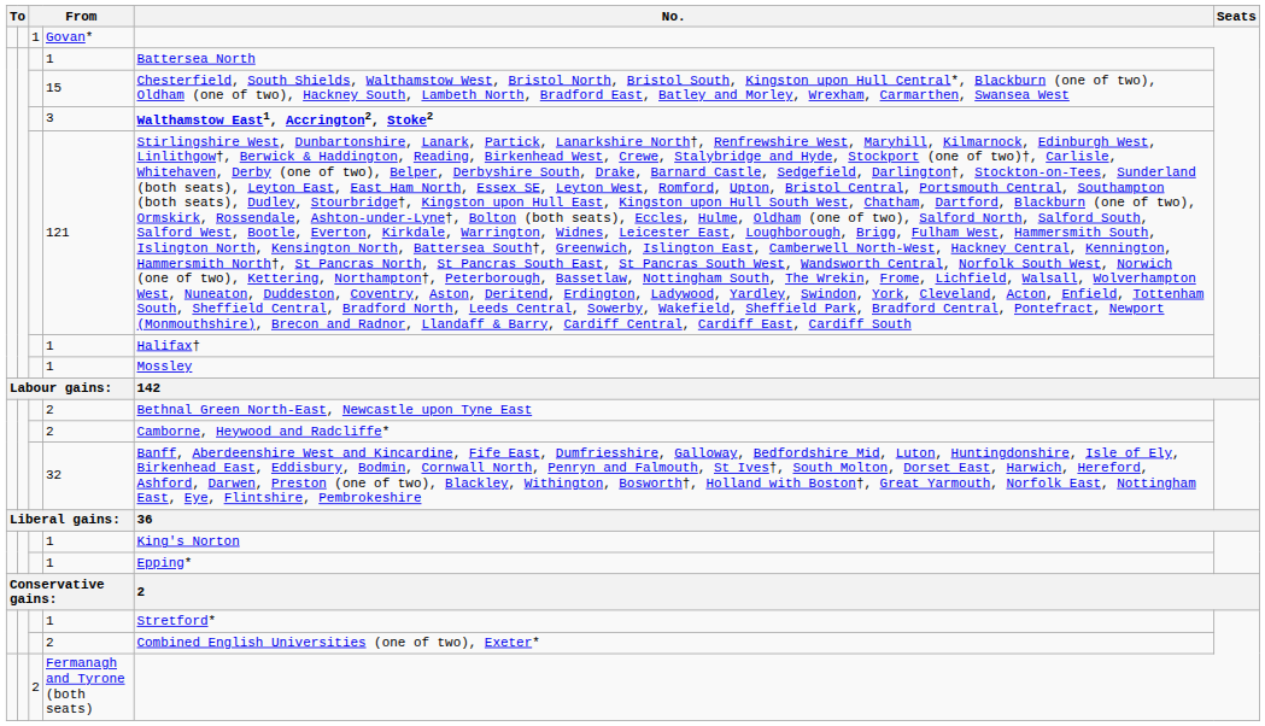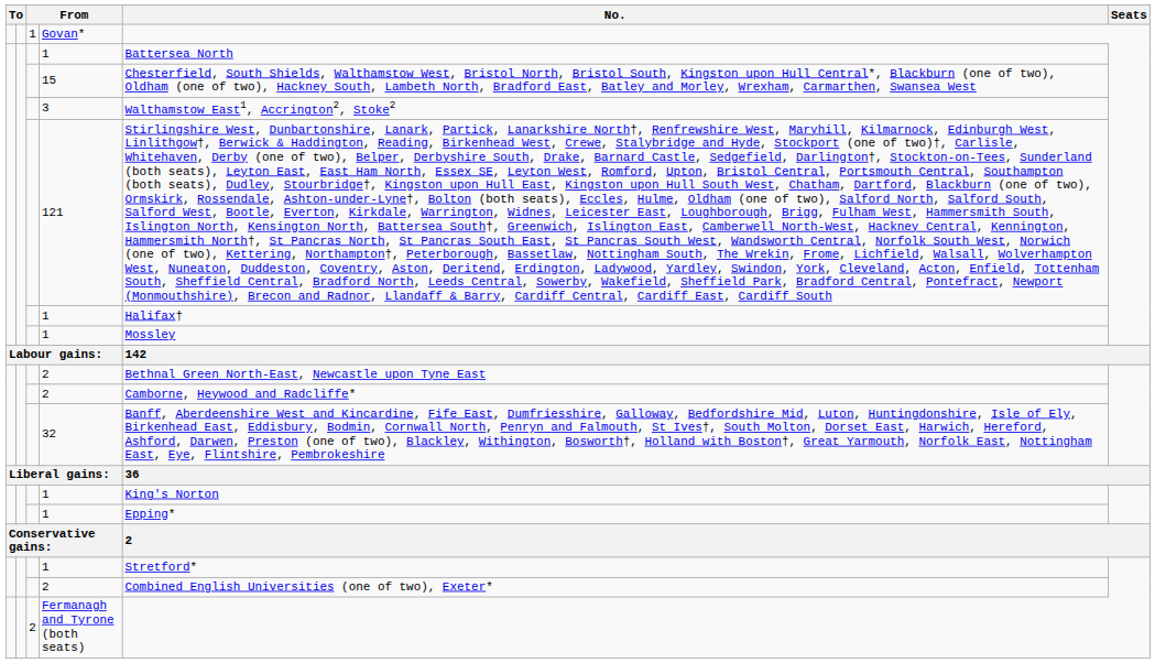 <table class="wikitable sortable" style="margin:1em">
 <tr>
 <th colspan=2>To</th>
 <th colspan=2>From</th>
 <th>No.</th>
 <th class=unsortable>Seats</th>
 </tr>
 <tr>
 <td></td>
 <td></td>
 <td>1</td>
 <td><a href='#'>Govan</a>*</td>
 </tr>
 <tr>
 <td rowspan="6" style="color:inherit;background:"></td>
 <td rowspan="6"></td>
 <td></td>
 <td>1</td>
 <td><a href='#'>Battersea North</a></td>
 </tr>
 <tr>
 <td></td>
 <td>15</td>
 <td><a href='#'>Chesterfield</a>, <a href='#'>South Shields</a>, <a href='#'>Walthamstow West</a>, <a href='#'>Bristol North</a>, <a href='#'>Bristol South</a>, <a href='#'>Kingston upon Hull Central</a>*, <a href='#'>Blackburn</a> (one of two), <a href='#'>Oldham</a> (one of two), <a href='#'>Hackney South</a>, <a href='#'>Lambeth North</a>, <a href='#'>Bradford East</a>, <a href='#'>Batley and Morley</a>, <a href='#'>Wrexham</a>, <a href='#'>Carmarthen</a>, <a href='#'>Swansea West</a></td>
 </tr>
 <tr>
 <td></td>
 <td>3</td>
-<td><strong><a href='#'>Walthamstow East</a><sup>1</sup>, <a href='#'>Accrington</a><sup>2</sup>, <a href='#'>Stoke</a><sup>2</sup></strong></td>
+<td><a href='#'>Walthamstow East</a><sup>1</sup>, <a href='#'>Accrington</a><sup>2</sup>, <a href='#'>Stoke</a><sup>2</sup></td>
 </tr>
 <tr>
 <td></td>
 <td>121</td>
 <td><a href='#'>Stirlingshire West</a>, <a href='#'>Dunbartonshire</a>, <a href='#'>Lanark</a>, <a href='#'>Partick</a>, <a href='#'>Lanarkshire North</a>†, <a href='#'>Renfrewshire West</a>, <a href='#'>Maryhill</a>, <a href='#'>Kilmarnock</a>, <a href='#'>Edinburgh West</a>, <a href='#'>Linlithgow</a>†, <a href='#'>Berwick & Haddington</a>, <a href='#'>Reading</a>, <a href='#'>Birkenhead West</a>, <a href='#'>Crewe</a>, <a href='#'>Stalybridge and Hyde</a>, <a href='#'>Stockport</a> (one of two)†, <a href='#'>Carlisle</a>, <a href='#'>Whitehaven</a>, <a href='#'>Derby</a> (one of two), <a href='#'>Belper</a>, <a href='#'>Derbyshire South</a>, <a href='#'>Drake</a>, <a href='#'>Barnard Castle</a>, <a href='#'>Sedgefield</a>, <a href='#'>Darlington</a>†, <a href='#'>Stockton-on-Tees</a>, <a href='#'>Sunderland</a> (both seats), <a href='#'>Leyton East</a>, <a href='#'>East Ham North</a>, <a href='#'>Essex SE</a>, <a href='#'>Leyton West</a>, <a href='#'>Romford</a>, <a href='#'>Upton</a>, <a href='#'>Bristol Central</a>, <a href='#'>Portsmouth Central</a>, <a href='#'>Southampton</a> (both seats), <a href='#'>Dudley</a>, <a href='#'>Stourbridge</a>†, <a href='#'>Kingston upon Hull East</a>, <a href='#'>Kingston upon Hull South West</a>, <a href='#'>Chatham</a>, <a href='#'>Dartford</a>, <a href='#'>Blackburn</a> (one of two), <a href='#'>Ormskirk</a>, <a href='#'>Rossendale</a>, <a href='#'>Ashton-under-Lyne</a>†, <a href='#'>Bolton</a> (both seats), <a href='#'>Eccles</a>, <a href='#'>Hulme</a>, <a href='#'>Oldham</a> (one of two), <a href='#'>Salford North</a>, <a href='#'>Salford South</a>, <a href='#'>Salford West</a>, <a href='#'>Bootle</a>, <a href='#'>Everton</a>, <a href='#'>Kirkdale</a>, <a href='#'>Warrington</a>, <a href='#'>Widnes</a>, <a href='#'>Leicester East</a>, <a href='#'>Loughborough</a>, <a href='#'>Brigg</a>, <a href='#'>Fulham West</a>, <a href='#'>Hammersmith South</a>, <a href='#'>Islington North</a>, <a href='#'>Kensington North</a>, <a href='#'>Battersea South</a>†, <a href='#'>Greenwich</a>, <a href='#'>Islington East</a>, <a href='#'>Camberwell North-West</a>, <a href='#'>Hackney Central</a>, <a href='#'>Kennington</a>, <a href='#'>Hammersmith North</a>†, <a href='#'>St Pancras North</a>, <a href='#'>St Pancras South East</a>, <a href='#'>St Pancras South West</a>, <a href='#'>Wandsworth Central</a>, <a href='#'>Norfolk South West</a>, <a href='#'>Norwich</a> (one of two), <a href='#'>Kettering</a>, <a href='#'>Northampton</a>†, <a href='#'>Peterborough</a>, <a href='#'>Bassetlaw</a>, <a href='#'>Nottingham South</a>, <a href='#'>The Wrekin</a>, <a href='#'>Frome</a>, <a href='#'>Lichfield</a>, <a href='#'>Walsall</a>, <a href='#'>Wolverhampton West</a>, <a href='#'>Nuneaton</a>, <a href='#'>Duddeston</a>, <a href='#'>Coventry</a>, <a href='#'>Aston</a>, <a href='#'>Deritend</a>, <a href='#'>Erdington</a>, <a href='#'>Ladywood</a>, <a href='#'>Yardley</a>, <a href='#'>Swindon</a>, <a href='#'>York</a>, <a href='#'>Cleveland</a>, <a href='#'>Acton</a>, <a href='#'>Enfield</a>, <a href='#'>Tottenham South</a>, <a href='#'>Sheffield Central</a>, <a href='#'>Bradford North</a>, <a href='#'>Leeds Central</a>, <a href='#'>Sowerby</a>, <a href='#'>Wakefield</a>, <a href='#'>Sheffield Park</a>, <a href='#'>Bradford Central</a>, <a href='#'>Pontefract</a>, <a href='#'>Newport (Monmouthshire)</a>, <a href='#'>Brecon and Radnor</a>, <a href='#'>Llandaff & Barry</a>, <a href='#'>Cardiff Central</a>, <a href='#'>Cardiff East</a>, <a href='#'>Cardiff South</a></td>
 </tr>
 <tr>
 <td></td>
 <td>1</td>
 <td><a href='#'>Halifax</a>†</td>
 </tr>
 <tr>
 <td></td>
 <td>1</td>
 <td><a href='#'>Mossley</a></td>
 </tr>
 <tr class="sortbottom">
 <th style="text-align:left" colspan="4">Labour gains:</th>
 <th style="text-align:left" colspan="2">142</th>
 </tr>
 <tr>
 <td rowspan="3" style="color:inherit;background:"></td>
 <td rowspan="3"></td>
 <td></td>
 <td>2</td>
 <td><a href='#'>Bethnal Green North-East</a>, <a href='#'>Newcastle upon Tyne East</a></td>
 </tr>
 <tr>
 <td></td>
 <td>2</td>
 <td><a href='#'>Camborne</a>, <a href='#'>Heywood and Radcliffe</a>*</td>
 </tr>
 <tr>
 <td></td>
 <td>32</td>
 <td><a href='#'>Banff</a>, <a href='#'>Aberdeenshire West and Kincardine</a>, <a href='#'>Fife East</a>, <a href='#'>Dumfriesshire</a>, <a href='#'>Galloway</a>, <a href='#'>Bedfordshire Mid</a>, <a href='#'>Luton</a>, <a href='#'>Huntingdonshire</a>, <a href='#'>Isle of Ely</a>, <a href='#'>Birkenhead East</a>, <a href='#'>Eddisbury</a>, <a href='#'>Bodmin</a>, <a href='#'>Cornwall North</a>, <a href='#'>Penryn and Falmouth</a>, <a href='#'>St Ives</a>†, <a href='#'>South Molton</a>, <a href='#'>Dorset East</a>, <a href='#'>Harwich</a>, <a href='#'>Hereford</a>, <a href='#'>Ashford</a>, <a href='#'>Darwen</a>, <a href='#'>Preston</a> (one of two), <a href='#'>Blackley</a>, <a href='#'>Withington</a>, <a href='#'>Bosworth</a>†, <a href='#'>Holland with Boston</a>†, <a href='#'>Great Yarmouth</a>, <a href='#'>Norfolk East</a>, <a href='#'>Nottingham East</a>, <a href='#'>Eye</a>, <a href='#'>Flintshire</a>, <a href='#'>Pembrokeshire</a></td>
 </tr>
 <tr class="sortbottom">
 <th style="text-align:left" colspan="4">Liberal gains:</th>
 <th style="text-align:left" colspan="2">36</th>
 </tr>
 <tr>
 <td rowspan="2" style="color:inherit;background:"></td>
 <td rowspan="2"></td>
 <td></td>
 <td>1</td>
 <td><a href='#'>King's Norton</a></td>
 </tr>
 <tr>
 <td></td>
 <td>1</td>
 <td><a href='#'>Epping</a>*</td>
 </tr>
 <tr class="sortbottom">
 <th style="text-align:left" colspan="4">Conservative gains:</th>
 <th style="text-align:left" colspan="2">2</th>
 </tr>
 <tr>
 <td rowspan="2" style="color:inherit;background:"></td>
 <td rowspan="2"></td>
 <td></td>
 <td>1</td>
 <td><a href='#'>Stretford</a>*</td>
 </tr>
 <tr>
 <td></td>
 <td>2</td>
 <td><a href='#'>Combined English Universities</a> (one of two), <a href='#'>Exeter</a>*</td>
 </tr>
 <tr>
 <td></td>
 <td></td>
 <td>2</td>
 <td><a href='#'>Fermanagh and Tyrone</a> (both seats)</td>
 </tr>
 </table>
